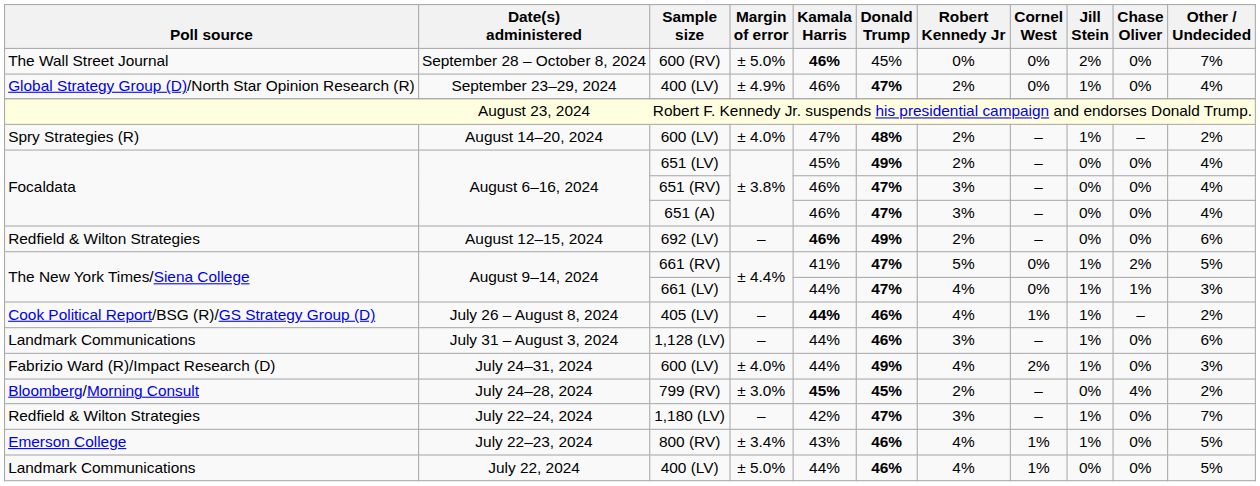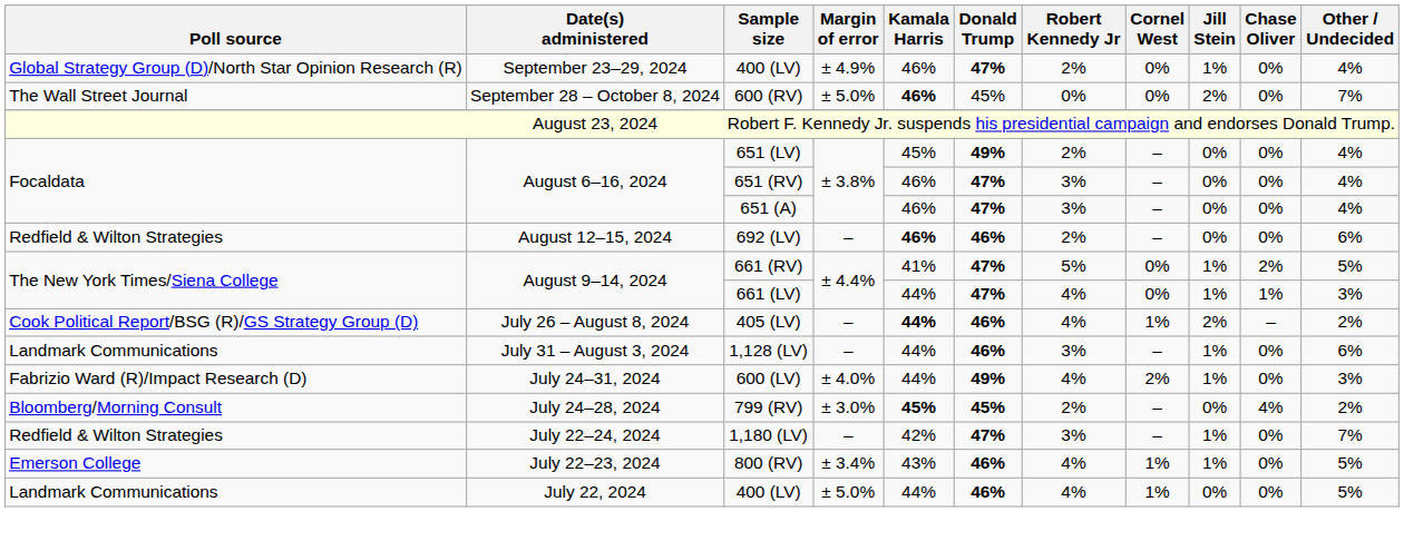 <table class="wikitable sortable mw-datatable" style="font-size:90%;text-align:center;line-height:17px">
 <tr valign=bottom>
 <th>Poll source</th>
 <th>Date(s)<br>administered</th>
 <th>Sample<br>size</th>
 <th>Margin<br>of error</th>
 <th class="unsortable">Kamala<br>Harris<br></th>
 <th class="unsortable">Donald<br>Trump<br></th>
 <th class="unsortable">Robert<br>Kennedy Jr<br></th>
 <th class="unsortable">Cornel<br>West<br></th>
 <th class="unsortable">Jill<br>Stein<br></th>
 <th class="unsortable">Chase<br>Oliver<br></th>
 <th class="unsortable">Other /<br>Undecided</th>
 </tr>
 <tr>
+<td style="text-align:left;"><a href='#'>Global Strategy Group (D)</a>/North Star Opinion Research (R) </td>
+<td data-sort-value="2024-09-29">September 23–29, 2024</td>
+<td>400 (LV)</td>
+<td>± 4.9%</td>
+<td>46%</td>
+<td style="background-color:"><strong>47%</strong></td>
+<td>2%</td>
+<td>0%</td>
+<td>1%</td>
+<td>0%</td>
+<td>4%</td>
+</tr>
+<tr>
 <td style="text-align:left;">The Wall Street Journal</td>
 <td data-sort-value="2024-10-08">September 28 – October 8, 2024</td>
 <td>600 (RV)</td>
 <td>± 5.0%</td>
 <td style="color:black;background-color:"><strong>46%</strong></td>
 <td>45%</td>
 <td>0%</td>
 <td>0%</td>
 <td>2%</td>
 <td>0%</td>
 <td>7%</td>
 </tr>
 <tr>
-<td style="text-align:left;"><a href='#'>Global Strategy Group (D)</a>/North Star Opinion Research (R) </td>
-<td data-sort-value="2024-09-29">September 23–29, 2024</td>
-<td>400 (LV)</td>
-<td>± 4.9%</td>
-<td>46%</td>
-<td style="background-color:"><strong>47%</strong></td>
-<td>2%</td>
-<td>0%</td>
-<td>1%</td>
-<td>0%</td>
-<td>4%</td>
-</tr>
-<tr>
 </tr>
 <tr style="background:lightyellow;">
 <td style="border-right-style:hidden; background:lightyellow;"></td>
 <td style="border-right-style:hidden; " data-sort-value="2024-07-21">August 23, 2024</td>
 <td colspan="9">Robert F. Kennedy Jr. suspends <a href='#'>his presidential campaign</a> and endorses Donald Trump.</td>
-</tr>
-<tr>
-<td style="text-align:left;">Spry Strategies (R)</td>
-<td data-sort-value="2024-08-20">August 14–20, 2024</td>
-<td>600 (LV)</td>
-<td>± 4.0%</td>
-<td>47%</td>
-<td style="background-color:"><strong>48%</strong></td>
-<td>2%</td>
-<td>–</td>
-<td>1%</td>
-<td>–</td>
-<td>2%</td>
 </tr>
 <tr>
 <td style="text-align:left;" rowspan="3">Focaldata</td>
 <td rowspan="3">August 6–16, 2024</td>
 <td>651 (LV)</td>
 <td rowspan="3">± 3.8%</td>
 <td>45%</td>
 <td style="background-color:"><strong>49%</strong></td>
 <td>2%</td>
 <td>–</td>
 <td>0%</td>
 <td>0%</td>
 <td>4%</td>
 </tr>
 <tr>
 <td>651 (RV)</td>
 <td>46%</td>
 <td style="background-color:"><strong>47%</strong></td>
 <td>3%</td>
 <td>–</td>
 <td>0%</td>
 <td>0%</td>
 <td>4%</td>
 </tr>
 <tr>
 <td>651 (A)</td>
 <td>46%</td>
 <td style="background-color:"><strong>47%</strong></td>
 <td>3%</td>
 <td>–</td>
 <td>0%</td>
 <td>0%</td>
 <td>4%</td>
 </tr>
 <tr>
 <td style="text-align:left;">Redfield & Wilton Strategies</td>
 <td data-sort-value="2024-08-15">August 12–15, 2024</td>
 <td>692 (LV)</td>
 <td>–</td>
 <td><strong>46%</strong></td>
-<td><strong>49%</strong></td>
+<td><strong>46%</strong></td>
 <td>2%</td>
 <td>–</td>
 <td>0%</td>
 <td>0%</td>
 <td>6%</td>
 </tr>
 <tr>
 <td style="text-align:left;" rowspan="2">The New York Times/<a href='#'>Siena College</a></td>
 <td rowspan="2">August 9–14, 2024</td>
 <td>661 (RV)</td>
 <td rowspan="2">± 4.4%</td>
 <td>41%</td>
 <td style="background-color:"><strong>47%</strong></td>
 <td>5%</td>
 <td>0%</td>
 <td>1%</td>
 <td>2%</td>
 <td>5%</td>
 </tr>
 <tr>
 <td>661 (LV)</td>
 <td>44%</td>
 <td style="background-color:"><strong>47%</strong></td>
 <td>4%</td>
 <td>0%</td>
 <td>1%</td>
 <td>1%</td>
 <td>3%</td>
 </tr>
 <tr>
 <td style="text-align:left;"><a href='#'>Cook Political Report</a>/BSG (R)/<a href='#'>GS Strategy Group (D)</a></td>
 <td data-sort-value="2024-08-08">July 26 – August 8, 2024</td>
 <td>405 (LV)</td>
 <td>–</td>
 <td><strong>44%</strong></td>
 <td><strong>46%</strong></td>
 <td>4%</td>
 <td>1%</td>
-<td>1%</td>
+<td>2%</td>
 <td>–</td>
 <td>2%</td>
 </tr>
 <tr>
 <td style="text-align:left;">Landmark Communications</td>
 <td data-sort-value="2024-08-03">July 31 – August 3, 2024</td>
 <td>1,128 (LV)</td>
 <td>–</td>
 <td>44%</td>
 <td style="background-color:"><strong>46%</strong></td>
 <td>3%</td>
 <td>–</td>
 <td>1%</td>
 <td>0%</td>
 <td>6%</td>
 </tr>
 <tr>
 <td style="text-align:left;">Fabrizio Ward (R)/Impact Research (D)</td>
 <td data-sort-value="2024-07-31">July 24–31, 2024</td>
 <td>600 (LV)</td>
 <td>± 4.0%</td>
 <td>44%</td>
 <td style="background-color:"><strong>49%</strong></td>
 <td>4%</td>
 <td>2%</td>
 <td>1%</td>
 <td>0%</td>
 <td>3%</td>
 </tr>
 <tr>
 <td style="text-align:left;"><a href='#'>Bloomberg</a>/<a href='#'>Morning Consult</a></td>
 <td data-sort-value="2024-07-28">July 24–28, 2024</td>
 <td>799 (RV)</td>
 <td>± 3.0%</td>
 <td><strong>45%</strong></td>
 <td><strong>45%</strong></td>
 <td>2%</td>
 <td>–</td>
 <td>0%</td>
 <td>4%</td>
 <td>2%</td>
 </tr>
 <tr>
 <td style="text-align:left;">Redfield & Wilton Strategies</td>
 <td data-sort-value="2024-07-26">July 22–24, 2024</td>
 <td>1,180 (LV)</td>
 <td>–</td>
 <td>42%</td>
 <td style="background-color:"><strong>47%</strong></td>
 <td>3%</td>
 <td>–</td>
 <td>1%</td>
 <td>0%</td>
 <td>7%</td>
 </tr>
 <tr>
 <td style="text-align:left;"><a href='#'>Emerson College</a></td>
 <td data-sort-value="2024-07-25">July 22–23, 2024</td>
 <td>800 (RV)</td>
 <td>± 3.4%</td>
 <td>43%</td>
 <td style="background-color:"><strong>46%</strong></td>
 <td>4%</td>
 <td>1%</td>
 <td>1%</td>
 <td>0%</td>
 <td>5%</td>
 </tr>
 <tr>
 <td style="text-align:left;">Landmark Communications</td>
 <td data-sort-value="2024-07-23">July 22, 2024</td>
 <td>400 (LV)</td>
 <td>± 5.0%</td>
 <td>44%</td>
 <td style="background-color:"><strong>46%</strong></td>
 <td>4%</td>
 <td>1%</td>
 <td>0%</td>
 <td>0%</td>
 <td>5%</td>
 </tr>
 </table>
